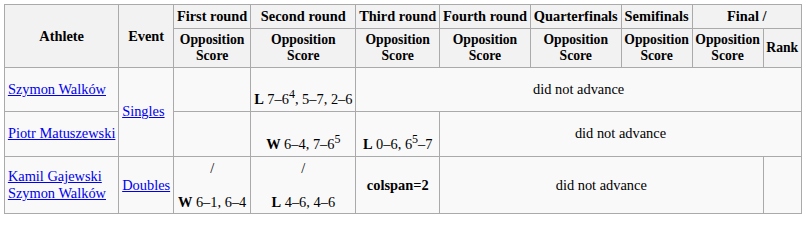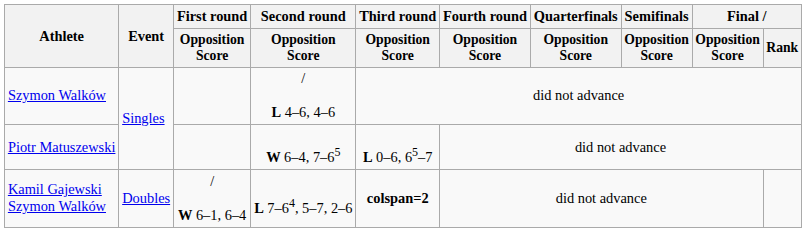 <table class=wikitable style="font-size:90%">
 <tr>
 <th rowspan="2">Athlete</th>
 <th rowspan="2">Event</th>
 <th>First round</th>
 <th>Second round</th>
 <th>Third round</th>
 <th>Fourth round</th>
 <th>Quarterfinals</th>
 <th>Semifinals</th>
 <th colspan=2>Final / </th>
 </tr>
 <tr style="font-size:95%">
 <th>Opposition<br>Score</th>
 <th>Opposition<br>Score</th>
 <th>Opposition<br>Score</th>
 <th>Opposition<br>Score</th>
 <th>Opposition<br>Score</th>
 <th>Opposition<br>Score</th>
 <th>Opposition<br>Score</th>
 <th>Rank</th>
 </tr>
 <tr align=center>
 <td align=left><a href='#'>Szymon Walków</a></td>
 <td align=left rowspan=2><a href='#'>Singles</a></td>
 <td></td>
-<td><br><strong>L</strong>  7–6<sup>4</sup>, 5–7, 2–6</td>
+<td> / <br><br><strong>L</strong> 4–6, 4–6</td>
 <td colspan=6>did not advance</td>
 </tr>
 <tr align=center>
 <td align=left><a href='#'>Piotr Matuszewski</a></td>
 <td></td>
 <td><br><strong>W</strong>  6–4, 7–6<sup>5</sup></td>
 <td><br><strong>L</strong>  0–6, 6<sup>5</sup>–7</td>
 <td colspan=5>did not advance</td>
 </tr>
 <tr align=center>
 <td align=left><a href='#'>Kamil Gajewski</a><br><a href='#'>Szymon Walków</a></td>
 <td align=left><a href='#'>Doubles</a></td>
 <td> / <br><br><strong>W</strong> 6–1, 6–4</td>
-<td> / <br><br><strong>L</strong> 4–6, 4–6</td>
+<td><br><strong>L</strong>  7–6<sup>4</sup>, 5–7, 2–6</td>
 <td><strong>colspan=2 </strong></td>
 <td colspan=4>did not advance</td>
 </tr>
 </table>
